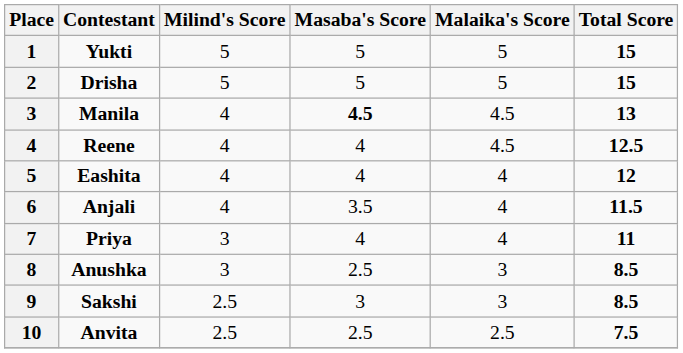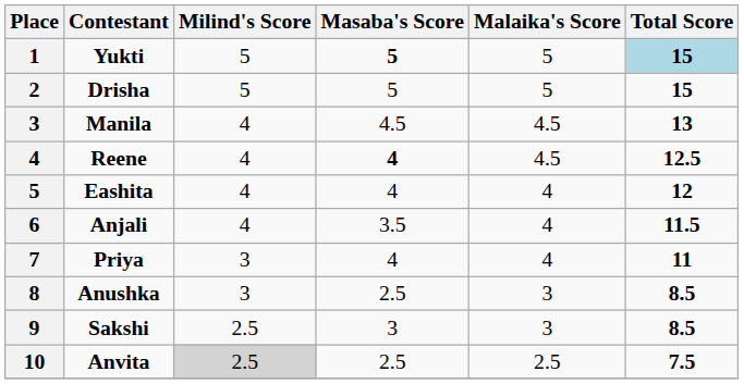 <table class="wikitable" style="text-align:center">
 <tr>
 <th>Place</th>
 <th>Contestant</th>
 <th>Milind's Score</th>
 <th>Masaba's Score</th>
 <th>Malaika's Score</th>
 <th>Total Score</th>
 </tr>
 <tr>
 <th>1</th>
 <td><strong>Yukti</strong></td>
 <td>5</td>
+<td><strong>5</strong></td>
 <td>5</td>
-<td>5</td>
-<td><strong>15</strong></td>
+<td style="background: lightblue;"><strong>15</strong></td>
 </tr>
 <tr>
 <th>2</th>
 <td><strong>Drisha</strong></td>
 <td>5</td>
 <td>5</td>
 <td>5</td>
 <td><strong>15</strong></td>
 </tr>
 <tr>
 <th>3</th>
 <td><strong>Manila</strong></td>
 <td>4</td>
-<td><strong>4.5</strong></td>
+<td>4.5</td>
 <td>4.5</td>
 <td><strong>13</strong></td>
 </tr>
 <tr>
 <th>4</th>
 <td><strong>Reene</strong></td>
 <td>4</td>
-<td>4</td>
+<td><strong>4</strong></td>
 <td>4.5</td>
 <td><strong>12.5</strong></td>
 </tr>
 <tr>
 <th>5</th>
 <td><strong>Eashita</strong></td>
 <td>4</td>
 <td>4</td>
 <td>4</td>
 <td><strong>12</strong></td>
 </tr>
 <tr>
 <th>6</th>
 <td><strong>Anjali</strong></td>
 <td>4</td>
 <td>3.5</td>
 <td>4</td>
 <td><strong>11.5</strong></td>
 </tr>
 <tr>
 <th>7</th>
 <td><strong>Priya</strong></td>
 <td>3</td>
 <td>4</td>
 <td>4</td>
 <td><strong>11</strong></td>
 </tr>
 <tr>
 <th>8</th>
 <td><strong>Anushka</strong></td>
 <td>3</td>
 <td>2.5</td>
 <td>3</td>
 <td><strong>8.5</strong></td>
 </tr>
 <tr>
 <th>9</th>
 <td><strong>Sakshi</strong></td>
 <td>2.5</td>
 <td>3</td>
 <td>3</td>
 <td><strong>8.5</strong></td>
 </tr>
 <tr>
 <th>10</th>
 <td><strong>Anvita</strong></td>
-<td>2.5</td>
+<td style="background: lightgrey;">2.5</td>
 <td>2.5</td>
 <td>2.5</td>
 <td><strong>7.5</strong></td>
 </tr>
 <tr>
 </tr>
 </table>
